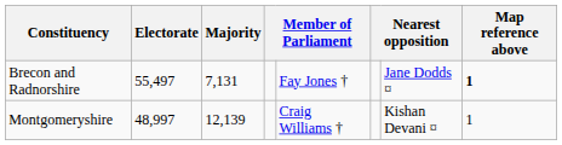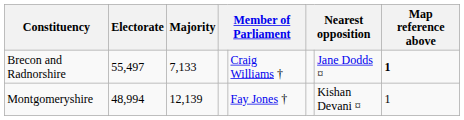 <table class="wikitable sortable">
 <tr>
 <th rowspan=1>Constituency</th>
 <th rowspan=1>Electorate</th>
 <th rowspan=1>Majority</th>
 <th colspan=2 class=unsortable><a href='#'>Member of Parliament</a></th>
 <th colspan=2 class=unsortable>Nearest opposition<br></th>
 <th rowspan=1 class=unsortable>Map reference above</th>
 </tr>
 <tr>
 <td>Brecon and Radnorshire</td>
 <td>55,497</td>
-<td>7,131</td>
+<td>7,133</td>
 <td> </td>
-<td><a href='#'>Fay Jones</a> †</td>
+<td><a href='#'>Craig Williams</a> †</td>
 <td> </td>
 <td><a href='#'>Jane Dodds</a> ¤</td>
 <td><strong>1</strong></td>
 </tr>
 <tr>
 <td>Montgomeryshire</td>
-<td>48,997</td>
+<td>48,994</td>
 <td>12,139</td>
 <td> </td>
-<td><a href='#'>Craig Williams</a> †</td>
+<td><a href='#'>Fay Jones</a> †</td>
 <td> </td>
 <td>Kishan Devani ¤</td>
 <td>1</td>
 </tr>
 </table>
